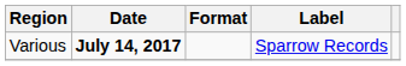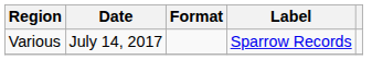 <table class="wikitable plainrowheaders">
 <tr>
 <th scope="col">Region</th>
 <th scope="col">Date</th>
 <th scope="col">Format</th>
 <th scope="col">Label</th>
 <th scope="col"></th>
 </tr>
 <tr>
 <td>Various</td>
-<td><strong>July 14, 2017</strong></td>
+<td>July 14, 2017</td>
 <td></td>
 <td><a href='#'>Sparrow Records</a></td>
 <td></td>
 </tr>
 <tr>
 </tr>
 </table>
